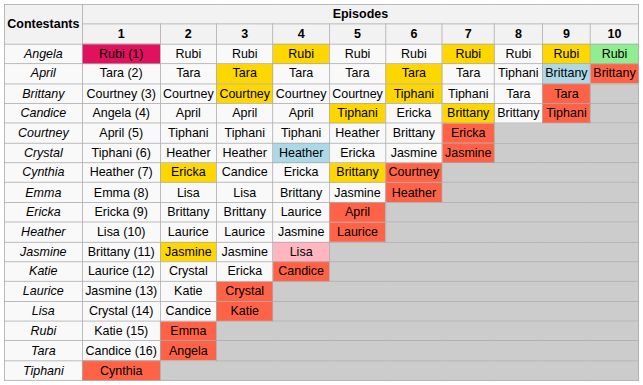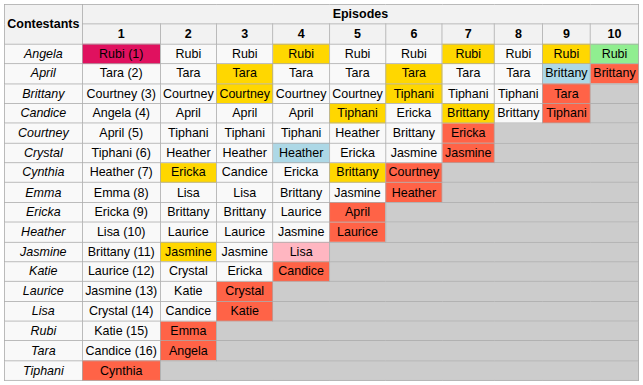 <table class="wikitable" style="text-align:center">
 <tr>
 <th rowspan=2>Contestants</th>
 <th colspan=10>Episodes</th>
 </tr>
 <tr>
 <th>1</th>
 <th>2</th>
 <th>3</th>
 <th>4</th>
 <th>5</th>
 <th>6</th>
 <th>7</th>
 <th>8</th>
 <th>9</th>
 <th>10</th>
 </tr>
 <tr>
 <td><em>Angela</em></td>
 <td bgcolor="#E0115F">Rubi (1)</td>
 <td>Rubi</td>
 <td>Rubi</td>
 <td bgcolor="gold">Rubi</td>
 <td>Rubi</td>
 <td>Rubi</td>
 <td bgcolor="gold">Rubi</td>
 <td>Rubi</td>
 <td bgcolor="gold">Rubi</td>
 <td bgcolor="lightgreen">Rubi</td>
 </tr>
 <tr>
 <td><em>April</em></td>
 <td>Tara (2)</td>
 <td>Tara</td>
 <td bgcolor="gold">Tara</td>
 <td>Tara</td>
 <td>Tara</td>
 <td bgcolor="gold">Tara</td>
 <td>Tara</td>
-<td>Tiphani</td>
+<td>Tara</td>
 <td bgcolor="lightblue">Brittany</td>
 <td bgcolor="tomato">Brittany</td>
 </tr>
 <tr>
 <td><em>Brittany</em></td>
 <td>Courtney (3)</td>
 <td>Courtney</td>
 <td bgcolor="gold">Courtney</td>
 <td>Courtney</td>
 <td>Courtney</td>
 <td bgcolor="gold">Tiphani</td>
 <td>Tiphani</td>
-<td>Tara</td>
+<td>Tiphani</td>
 <td bgcolor="tomato">Tara</td>
 <td bgcolor="#CCCCCC"></td>
 </tr>
 <tr>
 <td><em>Candice</em></td>
 <td>Angela (4)</td>
 <td>April</td>
 <td>April</td>
 <td>April</td>
 <td bgcolor="gold">Tiphani</td>
 <td>Ericka</td>
 <td bgcolor="gold">Brittany</td>
 <td>Brittany</td>
 <td bgcolor="tomato">Tiphani</td>
 <td bgcolor="#CCCCCC"></td>
 </tr>
 <tr>
 <td><em>Courtney</em></td>
 <td>April (5)</td>
 <td>Tiphani</td>
 <td>Tiphani</td>
 <td>Tiphani</td>
 <td>Heather</td>
 <td>Brittany</td>
 <td bgcolor="tomato">Ericka</td>
 <td bgcolor="#CCCCCC" colspan=3></td>
 </tr>
 <tr>
 <td><em>Crystal</em></td>
 <td>Tiphani (6)</td>
 <td>Heather</td>
 <td>Heather</td>
 <td bgcolor="lightblue">Heather</td>
 <td>Ericka</td>
 <td>Jasmine</td>
 <td bgcolor="tomato">Jasmine</td>
 <td bgcolor="#CCCCCC" colspan=3></td>
 </tr>
 <tr>
 <td><em>Cynthia</em></td>
 <td>Heather (7)</td>
 <td bgcolor="gold">Ericka</td>
 <td>Candice</td>
 <td>Ericka</td>
 <td bgcolor="gold">Brittany</td>
 <td bgcolor="tomato">Courtney</td>
 <td bgcolor="#CCCCCC" colspan=4></td>
 </tr>
 <tr>
 <td><em>Emma</em></td>
 <td>Emma (8)</td>
 <td>Lisa</td>
 <td>Lisa</td>
 <td>Brittany</td>
 <td>Jasmine</td>
 <td bgcolor="tomato">Heather</td>
 <td bgcolor="#CCCCCC" colspan=4></td>
 </tr>
 <tr>
 <td><em>Ericka</em></td>
 <td>Ericka (9)</td>
 <td>Brittany</td>
 <td>Brittany</td>
 <td>Laurice</td>
 <td bgcolor="tomato">April</td>
 <td bgcolor="#CCCCCC" colspan=5></td>
 </tr>
 <tr>
 <td><em>Heather</em></td>
 <td>Lisa (10)</td>
 <td>Laurice</td>
 <td>Laurice</td>
 <td>Jasmine</td>
 <td bgcolor="tomato">Laurice</td>
 <td bgcolor="#CCCCCC" colspan=5></td>
 </tr>
 <tr>
 <td><em>Jasmine</em></td>
 <td>Brittany (11)</td>
 <td bgcolor="gold">Jasmine</td>
 <td>Jasmine</td>
 <td bgcolor="Lightpink">Lisa</td>
 <td bgcolor="#CCCCCC" colspan=6></td>
 </tr>
 <tr>
 <td><em>Katie</em></td>
 <td>Laurice (12)</td>
 <td>Crystal</td>
 <td>Ericka</td>
 <td bgcolor="tomato">Candice</td>
 <td bgcolor="#CCCCCC" colspan=6></td>
 </tr>
 <tr>
 <td><em>Laurice</em></td>
 <td>Jasmine (13)</td>
 <td>Katie</td>
 <td bgcolor="tomato">Crystal</td>
 <td bgcolor="#CCCCCC" colspan=7></td>
 </tr>
 <tr>
 <td><em>Lisa</em></td>
 <td>Crystal (14)</td>
 <td>Candice</td>
 <td bgcolor="tomato">Katie</td>
 <td bgcolor="#CCCCCC" colspan=7></td>
 </tr>
 <tr>
 <td><em>Rubi</em></td>
 <td>Katie (15)</td>
 <td bgcolor="tomato">Emma</td>
 <td bgcolor="#CCCCCC" colspan=8></td>
 </tr>
 <tr>
 <td><em>Tara</em></td>
 <td>Candice (16)</td>
 <td bgcolor="tomato">Angela</td>
 <td bgcolor="#CCCCCC" colspan=8></td>
 </tr>
 <tr>
 <td><em>Tiphani</em></td>
 <td bgcolor="tomato">Cynthia</td>
 <td bgcolor="#CCCCCC" colspan=9></td>
 </tr>
 </table>
